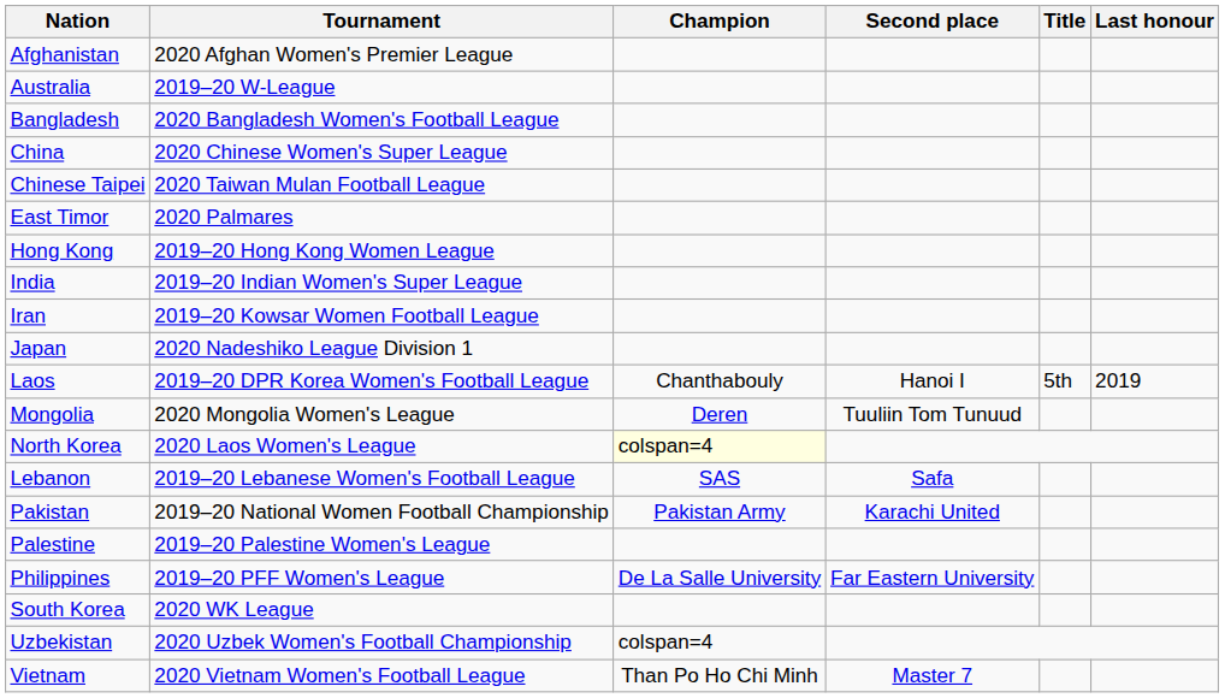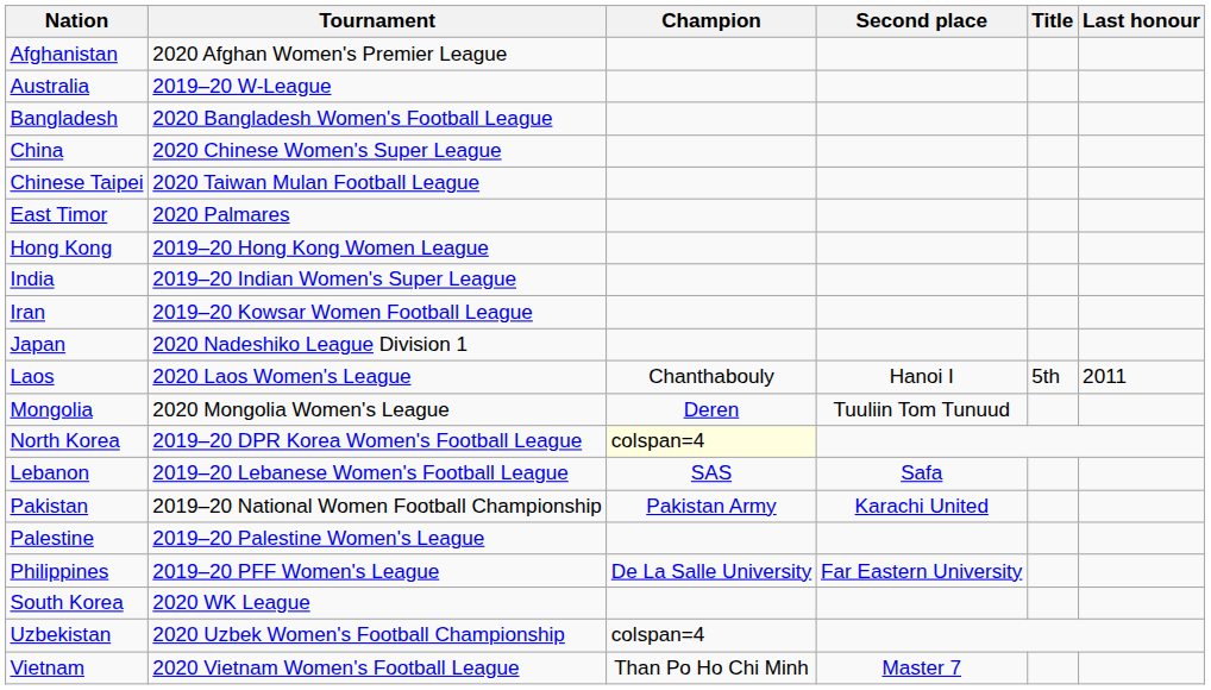 <table class="wikitable sortable">
 <tr>
 <th>Nation</th>
 <th>Tournament</th>
 <th>Champion</th>
 <th>Second place</th>
 <th data-sort-type="number">Title</th>
 <th>Last honour</th>
 </tr>
 <tr>
 <td align=left> <a href='#'>Afghanistan</a></td>
 <td align=left>2020 Afghan Women's Premier League</td>
 <td></td>
 <td></td>
 <td></td>
 <td></td>
 </tr>
 <tr>
 <td align=left> <a href='#'>Australia</a></td>
 <td align=left><a href='#'>2019–20 W-League</a></td>
 <td></td>
 <td></td>
 <td></td>
 <td></td>
 </tr>
 <tr>
 <td align=left> <a href='#'>Bangladesh</a></td>
 <td align=left><a href='#'>2020 Bangladesh Women's Football League</a></td>
 <td></td>
 <td></td>
 <td></td>
 <td></td>
 </tr>
 <tr>
 <td align=left> <a href='#'>China</a></td>
 <td align=left><a href='#'>2020 Chinese Women's Super League</a></td>
 <td></td>
 <td></td>
 <td></td>
 <td></td>
 </tr>
 <tr>
 <td align=left> <a href='#'>Chinese Taipei</a></td>
 <td align=left><a href='#'>2020 Taiwan Mulan Football League</a></td>
 <td></td>
 <td></td>
 <td></td>
 <td></td>
 </tr>
 <tr>
 <td align=left> <a href='#'>East Timor</a></td>
 <td align=left><a href='#'>2020 Palmares</a></td>
 <td></td>
 <td></td>
 <td></td>
 <td></td>
 </tr>
 <tr>
 <td align=left> <a href='#'>Hong Kong</a></td>
 <td align=left><a href='#'>2019–20 Hong Kong Women League</a></td>
 <td></td>
 <td></td>
 <td></td>
 <td></td>
 </tr>
 <tr>
 <td align=left> <a href='#'>India</a></td>
 <td align=left><a href='#'>2019–20 Indian Women's Super League</a></td>
 <td></td>
 <td></td>
 <td></td>
 <td></td>
 </tr>
 <tr>
 <td align=left> <a href='#'>Iran</a></td>
 <td align=left><a href='#'>2019–20 Kowsar Women Football League</a></td>
 <td></td>
 <td></td>
 <td></td>
 <td></td>
 </tr>
 <tr>
 <td align=left> <a href='#'>Japan</a></td>
 <td align=left><a href='#'>2020 Nadeshiko League</a> Division 1</td>
 <td></td>
 <td></td>
 <td></td>
 <td></td>
 </tr>
 <tr>
 <td align=left> <a href='#'>Laos</a></td>
-<td><a href='#'>2019–20 DPR Korea Women's Football League</a></td>
+<td align=left><a href='#'>2020 Laos Women's League</a></td>
 <td align=center>Chanthabouly</td>
 <td align=center>Hanoi I</td>
 <td>5th</td>
-<td>2019</td>
+<td>2011</td>
 </tr>
 <tr>
 <td align=left> <a href='#'>Mongolia</a></td>
 <td align=left>2020 Mongolia Women's League</td>
 <td align=center><a href='#'>Deren</a></td>
 <td align=center>Tuuliin Tom Tunuud</td>
 <td></td>
 <td></td>
 </tr>
 <tr>
 <td> <a href='#'>North Korea</a></td>
-<td align=left><a href='#'>2020 Laos Women's League</a></td>
+<td><a href='#'>2019–20 DPR Korea Women's Football League</a></td>
 <td style="background: lightyellow;">colspan=4 </td>
 </tr>
 <tr>
 <td align=left> <a href='#'>Lebanon</a></td>
 <td align=left><a href='#'>2019–20 Lebanese Women's Football League</a></td>
 <td align=center><a href='#'>SAS</a></td>
 <td align=center><a href='#'>Safa</a></td>
 <td></td>
 <td></td>
 </tr>
 <tr>
 <td align=left> <a href='#'>Pakistan</a></td>
 <td align=left>2019–20 National Women Football Championship</td>
 <td align=center><a href='#'>Pakistan Army</a></td>
 <td align=center><a href='#'>Karachi United</a></td>
 <td></td>
 <td></td>
 </tr>
 <tr>
 <td> <a href='#'>Palestine</a></td>
 <td><a href='#'>2019–20 Palestine Women's League</a></td>
 <td></td>
 <td></td>
 <td></td>
 <td></td>
 </tr>
 <tr>
 <td align=left> <a href='#'>Philippines</a></td>
 <td align=left><a href='#'>2019–20 PFF Women's League</a></td>
 <td align=center><a href='#'>De La Salle University</a></td>
 <td align=center><a href='#'>Far Eastern University</a></td>
 <td></td>
 <td></td>
 </tr>
 <tr>
 <td align=left> <a href='#'>South Korea</a></td>
 <td align=left><a href='#'>2020 WK League</a></td>
 <td></td>
 <td></td>
 <td></td>
 <td></td>
 </tr>
 <tr>
 <td align=left> <a href='#'>Uzbekistan</a></td>
 <td align=left><a href='#'>2020 Uzbek Women's Football Championship</a></td>
 <td>colspan=4 </td>
 </tr>
 <tr>
 <td align=left> <a href='#'>Vietnam</a></td>
 <td align=left><a href='#'>2020 Vietnam Women's Football League</a></td>
 <td align=center>Than Po Ho Chi Minh</td>
 <td align=center><a href='#'>Master 7</a></td>
 <td></td>
 <td></td>
 </tr>
 </table>
